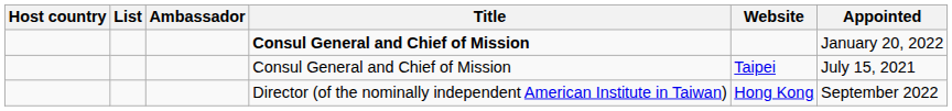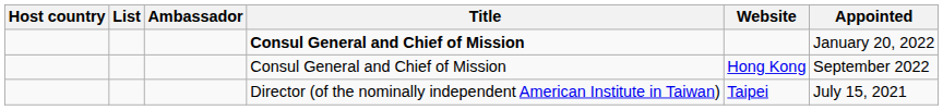 <table class="wikitable sortable">
 <tr>
 <th>Host country</th>
 <th>List</th>
 <th>Ambassador</th>
 <th>Title</th>
 <th>Website</th>
 <th>Appointed</th>
 </tr>
 <tr>
 <td></td>
 <td></td>
 <td></td>
 <td><strong>Consul General and Chief of Mission</strong></td>
 <td></td>
 <td>January 20, 2022</td>
 </tr>
 <tr>
 <td></td>
 <td></td>
 <td></td>
 <td>Consul General and Chief of Mission</td>
-<td><a href='#'>Taipei</a> </td>
-<td>July 15, 2021</td>
+<td><a href='#'>Hong Kong</a> </td>
+<td>September 2022</td>
 </tr>
 <tr>
 <td></td>
 <td></td>
 <td></td>
 <td>Director (of the nominally independent <a href='#'>American Institute in Taiwan</a>)</td>
-<td><a href='#'>Hong Kong</a> </td>
-<td>September 2022</td>
+<td><a href='#'>Taipei</a> </td>
+<td>July 15, 2021</td>
 </tr>
 </table>
